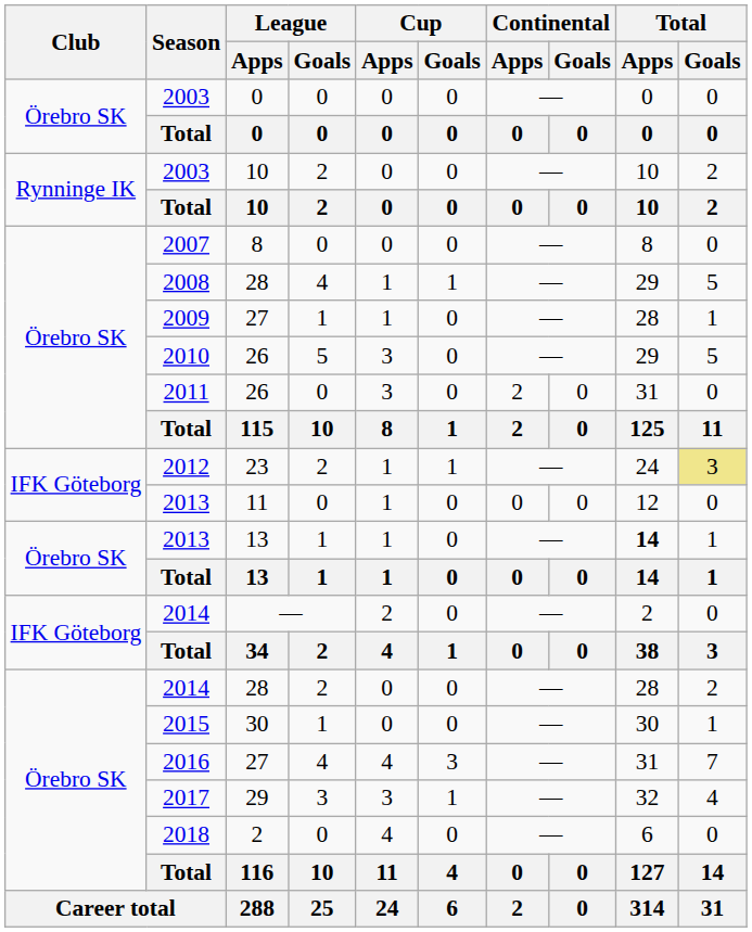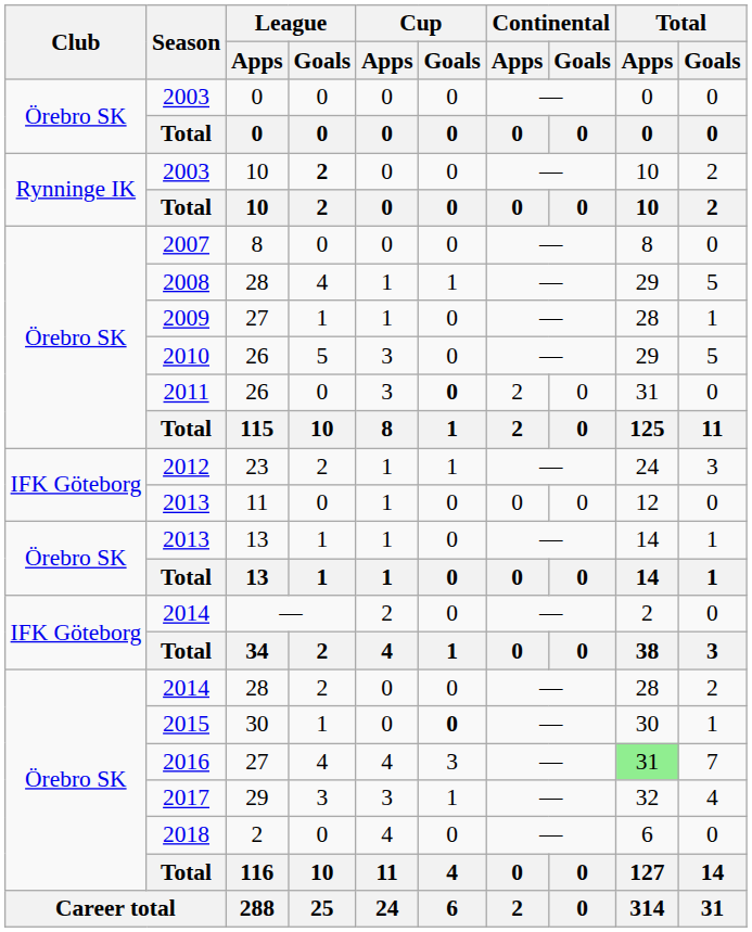 <table class="wikitable" style="text-align:center;">
 <tr>
 <th rowspan="2">Club</th>
 <th rowspan="2">Season</th>
 <th colspan="2">League</th>
 <th colspan="2">Cup</th>
 <th colspan="2">Continental</th>
 <th colspan="2">Total</th>
 </tr>
 <tr>
 <th>Apps</th>
 <th>Goals</th>
 <th>Apps</th>
 <th>Goals</th>
 <th>Apps</th>
 <th>Goals</th>
 <th>Apps</th>
 <th>Goals</th>
 </tr>
 <tr>
 <td rowspan="2"><a href='#'>Örebro SK</a></td>
 <td><a href='#'>2003</a></td>
 <td>0</td>
 <td>0</td>
 <td>0</td>
 <td>0</td>
 <td colspan="2">—</td>
 <td>0</td>
 <td>0</td>
 </tr>
 <tr>
 <th>Total</th>
 <th>0</th>
 <th>0</th>
 <th>0</th>
 <th>0</th>
 <th>0</th>
 <th>0</th>
 <th>0</th>
 <th>0</th>
 </tr>
 <tr>
 <td rowspan="2"><a href='#'>Rynninge IK</a></td>
 <td><a href='#'>2003</a></td>
 <td>10</td>
-<td>2</td>
+<td><strong>2</strong></td>
 <td>0</td>
 <td>0</td>
 <td colspan="2">—</td>
 <td>10</td>
 <td>2</td>
 </tr>
 <tr>
 <th>Total</th>
 <th>10</th>
 <th>2</th>
 <th>0</th>
 <th>0</th>
 <th>0</th>
 <th>0</th>
 <th>10</th>
 <th>2</th>
 </tr>
 <tr>
 <td rowspan="6"><a href='#'>Örebro SK</a></td>
 <td><a href='#'>2007</a></td>
 <td>8</td>
 <td>0</td>
 <td>0</td>
 <td>0</td>
 <td colspan="2">—</td>
 <td>8</td>
 <td>0</td>
 </tr>
 <tr>
 <td><a href='#'>2008</a></td>
 <td>28</td>
 <td>4</td>
 <td>1</td>
 <td>1</td>
 <td colspan="2">—</td>
 <td>29</td>
 <td>5</td>
 </tr>
 <tr>
 <td><a href='#'>2009</a></td>
 <td>27</td>
 <td>1</td>
 <td>1</td>
 <td>0</td>
 <td colspan="2">—</td>
 <td>28</td>
 <td>1</td>
 </tr>
 <tr>
 <td><a href='#'>2010</a></td>
 <td>26</td>
 <td>5</td>
 <td>3</td>
 <td>0</td>
 <td colspan="2">—</td>
 <td>29</td>
 <td>5</td>
 </tr>
 <tr>
 <td><a href='#'>2011</a></td>
 <td>26</td>
 <td>0</td>
 <td>3</td>
-<td>0</td>
+<td><strong>0</strong></td>
 <td>2</td>
 <td>0</td>
 <td>31</td>
 <td>0</td>
 </tr>
 <tr>
 <th>Total</th>
 <th>115</th>
 <th>10</th>
 <th>8</th>
 <th>1</th>
 <th>2</th>
 <th>0</th>
 <th>125</th>
 <th>11</th>
 </tr>
 <tr>
 <td rowspan="2"><a href='#'>IFK Göteborg</a></td>
 <td><a href='#'>2012</a></td>
 <td>23</td>
 <td>2</td>
 <td>1</td>
 <td>1</td>
 <td colspan="2">—</td>
 <td>24</td>
-<td style="background: khaki;">3</td>
+<td>3</td>
 </tr>
 <tr>
 <td><a href='#'>2013</a></td>
 <td>11</td>
 <td>0</td>
 <td>1</td>
 <td>0</td>
 <td>0</td>
 <td>0</td>
 <td>12</td>
 <td>0</td>
 </tr>
 <tr>
 <td rowspan="2"><a href='#'>Örebro SK</a></td>
 <td><a href='#'>2013</a></td>
 <td>13</td>
 <td>1</td>
 <td>1</td>
 <td>0</td>
 <td colspan="2">—</td>
-<td><strong>14</strong></td>
+<td>14</td>
 <td>1</td>
 </tr>
 <tr>
 <th>Total</th>
 <th>13</th>
 <th>1</th>
 <th>1</th>
 <th>0</th>
 <th>0</th>
 <th>0</th>
 <th>14</th>
 <th>1</th>
 </tr>
 <tr>
 <td rowspan="2"><a href='#'>IFK Göteborg</a></td>
 <td><a href='#'>2014</a></td>
 <td colspan="2">—</td>
 <td>2</td>
 <td>0</td>
 <td colspan="2">—</td>
 <td>2</td>
 <td>0</td>
 </tr>
 <tr>
 <th>Total</th>
 <th>34</th>
 <th>2</th>
 <th>4</th>
 <th>1</th>
 <th>0</th>
 <th>0</th>
 <th>38</th>
 <th>3</th>
 </tr>
 <tr>
 <td rowspan="6"><a href='#'>Örebro SK</a></td>
 <td><a href='#'>2014</a></td>
 <td>28</td>
 <td>2</td>
 <td>0</td>
 <td>0</td>
 <td colspan="2">—</td>
 <td>28</td>
 <td>2</td>
 </tr>
 <tr>
 <td><a href='#'>2015</a></td>
 <td>30</td>
 <td>1</td>
 <td>0</td>
-<td>0</td>
+<td><strong>0</strong></td>
 <td colspan="2">—</td>
 <td>30</td>
 <td>1</td>
 </tr>
 <tr>
 <td><a href='#'>2016</a></td>
 <td>27</td>
 <td>4</td>
 <td>4</td>
 <td>3</td>
 <td colspan="2">—</td>
-<td>31</td>
+<td style="background: lightgreen;">31</td>
 <td>7</td>
 </tr>
 <tr>
 <td><a href='#'>2017</a></td>
 <td>29</td>
 <td>3</td>
 <td>3</td>
 <td>1</td>
 <td colspan="2">—</td>
 <td>32</td>
 <td>4</td>
 </tr>
 <tr>
 <td><a href='#'>2018</a></td>
 <td>2</td>
 <td>0</td>
 <td>4</td>
 <td>0</td>
 <td colspan="2">—</td>
 <td>6</td>
 <td>0</td>
 </tr>
 <tr>
 <th>Total</th>
 <th>116</th>
 <th>10</th>
 <th>11</th>
 <th>4</th>
 <th>0</th>
 <th>0</th>
 <th>127</th>
 <th>14</th>
 </tr>
 <tr>
 <th colspan="2">Career total</th>
 <th>288</th>
 <th>25</th>
 <th>24</th>
 <th>6</th>
 <th>2</th>
 <th>0</th>
 <th>314</th>
 <th>31</th>
 </tr>
 </table>
